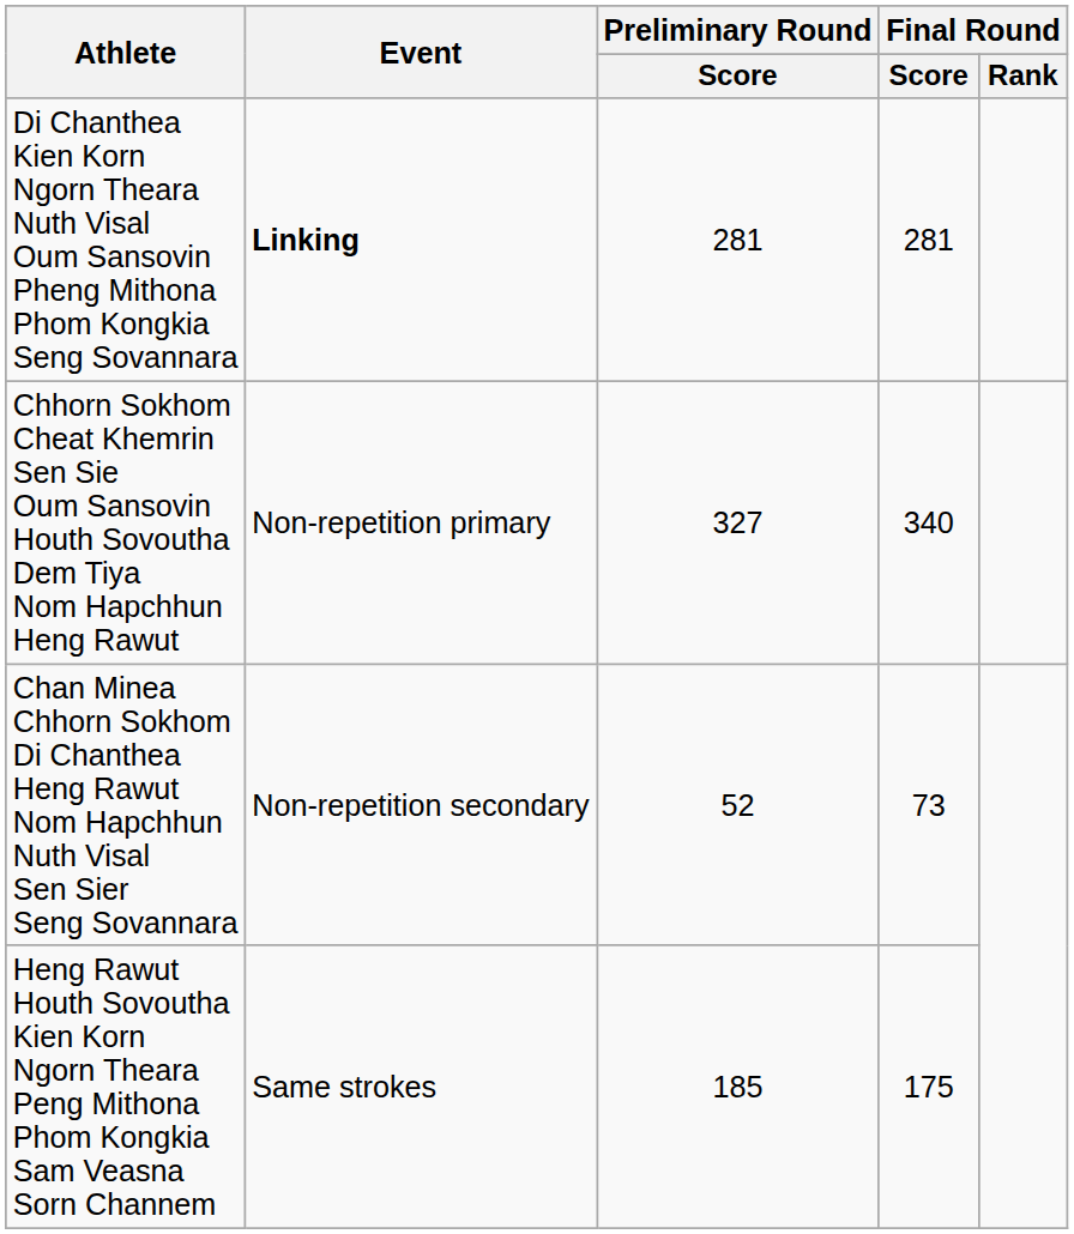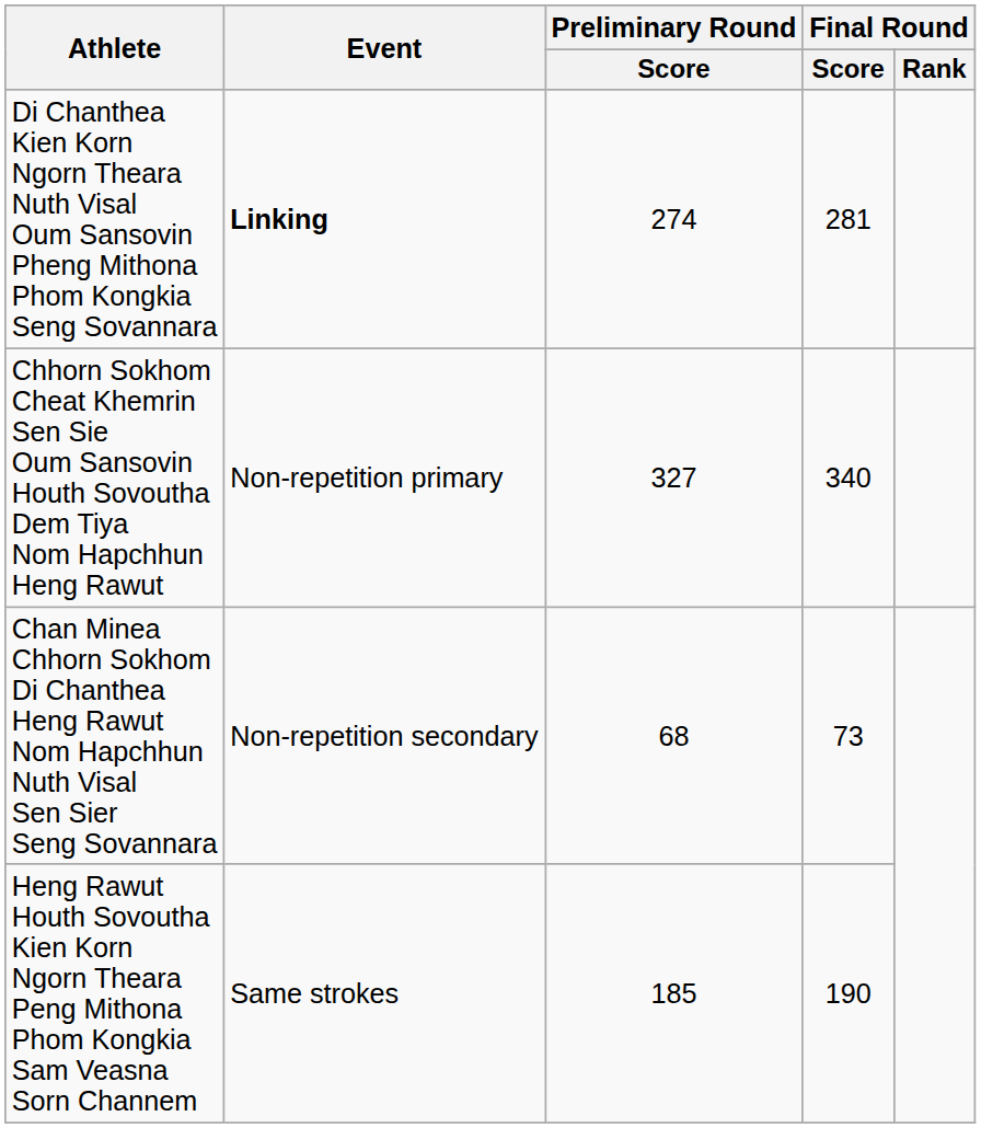 <table class="wikitable" style="font-size:90%">
 <tr>
 <th rowspan=2>Athlete</th>
 <th rowspan=2>Event</th>
 <th>Preliminary Round</th>
 <th colspan=2>Final Round</th>
 </tr>
 <tr style="font-size:95%">
 <th>Score</th>
 <th>Score</th>
 <th>Rank</th>
 </tr>
 <tr align=center>
 <td align=left>Di Chanthea<br>Kien Korn<br>Ngorn Theara<br>Nuth Visal<br> Oum Sansovin<br>Pheng Mithona<br>Phom Kongkia<br>Seng Sovannara</td>
 <td align=left><strong>Linking</strong></td>
-<td>281</td>
+<td>274</td>
 <td>281</td>
 <td></td>
 </tr>
 <tr align=center>
 <td align=left>Chhorn Sokhom<br>Cheat Khemrin<br>Sen Sie<br>Oum Sansovin<br>Houth Sovoutha<br>Dem Tiya<br>Nom Hapchhun<br>Heng Rawut</td>
 <td align=left>Non-repetition primary</td>
 <td>327</td>
 <td>340</td>
 <td></td>
 </tr>
 <tr align=center>
 <td align=left>Chan Minea<br>Chhorn Sokhom<br>Di Chanthea<br>Heng Rawut<br>Nom Hapchhun<br>Nuth Visal<br>Sen Sier<br>Seng Sovannara</td>
 <td align=left>Non-repetition secondary</td>
-<td>52</td>
+<td>68</td>
 <td>73</td>
 <td rowspan=2></td>
 </tr>
 <tr align=center>
 <td align=left>Heng Rawut<br>Houth Sovoutha<br>Kien Korn<br>Ngorn Theara<br>Peng Mithona<br>Phom Kongkia<br>Sam Veasna<br>Sorn Channem</td>
 <td align=left>Same strokes</td>
 <td>185</td>
-<td>175</td>
+<td>190</td>
 </tr>
 </table>
